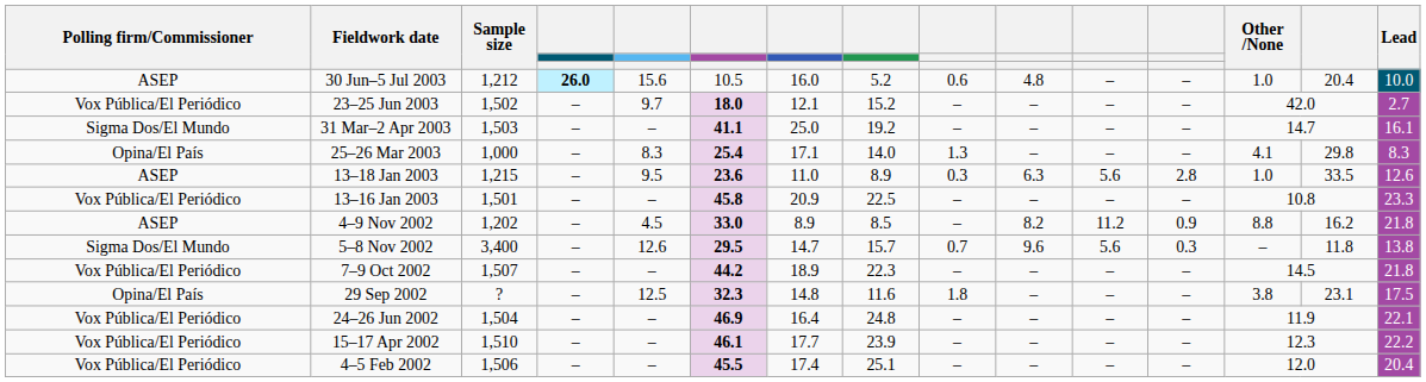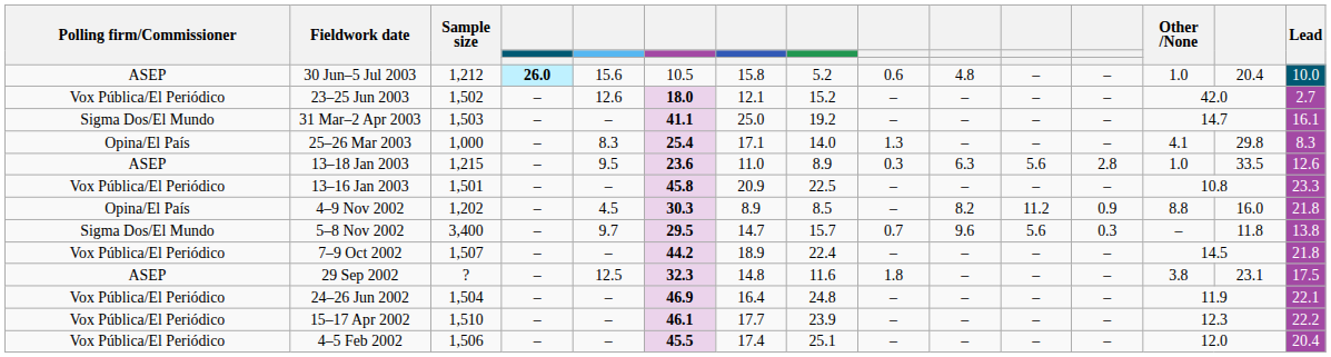 <table class="wikitable collapsible collapsed" style="text-align:center; font-size:90%; line-height:14px;">
 <tr style="height:42px;">
 <th style="width:260px;" rowspan="3">Polling firm/Commissioner</th>
 <th style="width:125px;" rowspan="3">Fieldwork date</th>
 <th style="width:60px;" rowspan="3">Sample size</th>
 <th style="width:60px;"></th>
 <th style="width:60px;"></th>
 <th style="width:60px;"></th>
 <th style="width:60px;"></th>
 <th style="width:60px;"></th>
 <th style="width:60px;"></th>
 <th style="width:60px;"></th>
 <th style="width:60px;"></th>
 <th style="width:60px;"></th>
 <th style="width:60px;" rowspan="3">Other<br>/None</th>
 <th style="width:60px;" rowspan="3"></th>
 <th style="width:30px;" rowspan="3">Lead</th>
 </tr>
 <tr>
 <th style="color:inherit;background:#005973;"></th>
 <th style="color:inherit;background:#56B7F1;"></th>
 <th style="color:inherit;background:#A349A4;"></th>
 <th style="color:inherit;background:#3259B6;"></th>
 <th style="color:inherit;background:#229751;"></th>
 <th style="color:inherit;background:"></th>
 <th style="color:inherit;background:"></th>
 <th style="color:inherit;background:"></th>
 <th style="color:inherit;background:"></th>
 </tr>
 <tr>
 <th></th>
 <th></th>
 <th></th>
 <th></th>
 <th></th>
 <th></th>
 <th></th>
 <th></th>
 <th></th>
 </tr>
 <tr>
 <td>ASEP</td>
 <td>30 Jun–5 Jul 2003</td>
 <td>1,212</td>
 <td style="color:inherit;background:#BFF1FF;"><strong>26.0</strong></td>
 <td>15.6</td>
 <td>10.5</td>
-<td>16.0</td>
+<td>15.8</td>
 <td>5.2</td>
 <td>0.6</td>
 <td>4.8</td>
 <td>–</td>
 <td>–</td>
 <td>1.0</td>
 <td>20.4</td>
 <td style="color:inherit;background:#005973; color:white;">10.0</td>
 </tr>
 <tr>
 <td>Vox Pública/El Periódico</td>
 <td>23–25 Jun 2003</td>
 <td>1,502</td>
 <td>–</td>
-<td>9.7</td>
+<td>12.6</td>
 <td style="color:inherit;background:#EBD3EB;"><strong>18.0</strong></td>
 <td>12.1</td>
 <td>15.2</td>
 <td>–</td>
 <td>–</td>
 <td>–</td>
 <td>–</td>
 <td colspan="2">42.0</td>
 <td style="color:inherit;background:#A349A4; color:white;">2.7</td>
 </tr>
 <tr>
 <td>Sigma Dos/El Mundo</td>
 <td>31 Mar–2 Apr 2003</td>
 <td>1,503</td>
 <td>–</td>
 <td>–</td>
 <td style="color:inherit;background:#EBD3EB;"><strong>41.1</strong></td>
 <td>25.0</td>
 <td>19.2</td>
 <td>–</td>
 <td>–</td>
 <td>–</td>
 <td>–</td>
 <td colspan="2">14.7</td>
 <td style="color:inherit;background:#A349A4; color:white;">16.1</td>
 </tr>
 <tr>
 <td>Opina/El País</td>
 <td>25–26 Mar 2003</td>
 <td>1,000</td>
 <td>–</td>
 <td>8.3</td>
 <td style="color:inherit;background:#EBD3EB;"><strong>25.4</strong></td>
 <td>17.1</td>
 <td>14.0</td>
 <td>1.3</td>
 <td>–</td>
 <td>–</td>
 <td>–</td>
 <td>4.1</td>
 <td>29.8</td>
 <td style="color:inherit;background:#A349A4; color:white;">8.3</td>
 </tr>
 <tr>
 <td>ASEP</td>
 <td>13–18 Jan 2003</td>
 <td>1,215</td>
 <td>–</td>
 <td>9.5</td>
 <td style="color:inherit;background:#EBD3EB;"><strong>23.6</strong></td>
 <td>11.0</td>
 <td>8.9</td>
 <td>0.3</td>
 <td>6.3</td>
 <td>5.6</td>
 <td>2.8</td>
 <td>1.0</td>
 <td>33.5</td>
 <td style="color:inherit;background:#A349A4; color:white;">12.6</td>
 </tr>
 <tr>
 <td>Vox Pública/El Periódico</td>
 <td>13–16 Jan 2003</td>
 <td>1,501</td>
 <td>–</td>
 <td>–</td>
 <td style="color:inherit;background:#EBD3EB;"><strong>45.8</strong></td>
 <td>20.9</td>
 <td>22.5</td>
 <td>–</td>
 <td>–</td>
 <td>–</td>
 <td>–</td>
 <td colspan="2">10.8</td>
 <td style="color:inherit;background:#A349A4; color:white;">23.3</td>
 </tr>
 <tr>
-<td>ASEP</td>
+<td>Opina/El País</td>
 <td>4–9 Nov 2002</td>
 <td>1,202</td>
 <td>–</td>
 <td>4.5</td>
-<td style="color:inherit;background:#EBD3EB;"><strong>33.0</strong></td>
+<td style="color:inherit;background:#EBD3EB;"><strong>30.3</strong></td>
 <td>8.9</td>
 <td>8.5</td>
 <td>–</td>
 <td>8.2</td>
 <td>11.2</td>
 <td>0.9</td>
 <td>8.8</td>
-<td>16.2</td>
+<td>16.0</td>
 <td style="color:inherit;background:#A349A4; color:white;">21.8</td>
 </tr>
 <tr>
 <td>Sigma Dos/El Mundo</td>
 <td>5–8 Nov 2002</td>
 <td>3,400</td>
 <td>–</td>
-<td>12.6</td>
+<td>9.7</td>
 <td style="color:inherit;background:#EBD3EB;"><strong>29.5</strong></td>
 <td>14.7</td>
 <td>15.7</td>
 <td>0.7</td>
 <td>9.6</td>
 <td>5.6</td>
 <td>0.3</td>
 <td>–</td>
 <td>11.8</td>
 <td style="color:inherit;background:#A349A4; color:white;">13.8</td>
 </tr>
 <tr>
 <td>Vox Pública/El Periódico</td>
 <td>7–9 Oct 2002</td>
 <td>1,507</td>
 <td>–</td>
 <td>–</td>
 <td style="color:inherit;background:#EBD3EB;"><strong>44.2</strong></td>
 <td>18.9</td>
-<td>22.3</td>
+<td>22.4</td>
 <td>–</td>
 <td>–</td>
 <td>–</td>
 <td>–</td>
 <td colspan="2">14.5</td>
 <td style="color:inherit;background:#A349A4; color:white;">21.8</td>
 </tr>
 <tr>
-<td>Opina/El País</td>
+<td>ASEP</td>
 <td>29 Sep 2002</td>
 <td>?</td>
 <td>–</td>
 <td>12.5</td>
 <td style="color:inherit;background:#EBD3EB;"><strong>32.3</strong></td>
 <td>14.8</td>
 <td>11.6</td>
 <td>1.8</td>
 <td>–</td>
 <td>–</td>
 <td>–</td>
 <td>3.8</td>
 <td>23.1</td>
 <td style="color:inherit;background:#A349A4; color:white;">17.5</td>
 </tr>
 <tr>
 <td>Vox Pública/El Periódico</td>
 <td>24–26 Jun 2002</td>
 <td>1,504</td>
 <td>–</td>
 <td>–</td>
 <td style="color:inherit;background:#EBD3EB;"><strong>46.9</strong></td>
 <td>16.4</td>
 <td>24.8</td>
 <td>–</td>
 <td>–</td>
 <td>–</td>
 <td>–</td>
 <td colspan="2">11.9</td>
 <td style="color:inherit;background:#A349A4; color:white;">22.1</td>
 </tr>
 <tr>
 <td>Vox Pública/El Periódico</td>
 <td>15–17 Apr 2002</td>
 <td>1,510</td>
 <td>–</td>
 <td>–</td>
 <td style="color:inherit;background:#EBD3EB;"><strong>46.1</strong></td>
 <td>17.7</td>
 <td>23.9</td>
 <td>–</td>
 <td>–</td>
 <td>–</td>
 <td>–</td>
 <td colspan="2">12.3</td>
 <td style="color:inherit;background:#A349A4; color:white;">22.2</td>
 </tr>
 <tr>
 <td>Vox Pública/El Periódico</td>
 <td>4–5 Feb 2002</td>
 <td>1,506</td>
 <td>–</td>
 <td>–</td>
 <td style="color:inherit;background:#EBD3EB;"><strong>45.5</strong></td>
 <td>17.4</td>
 <td>25.1</td>
 <td>–</td>
 <td>–</td>
 <td>–</td>
 <td>–</td>
 <td colspan="2">12.0</td>
 <td style="color:inherit;background:#A349A4; color:white;">20.4</td>
 </tr>
 </table>
